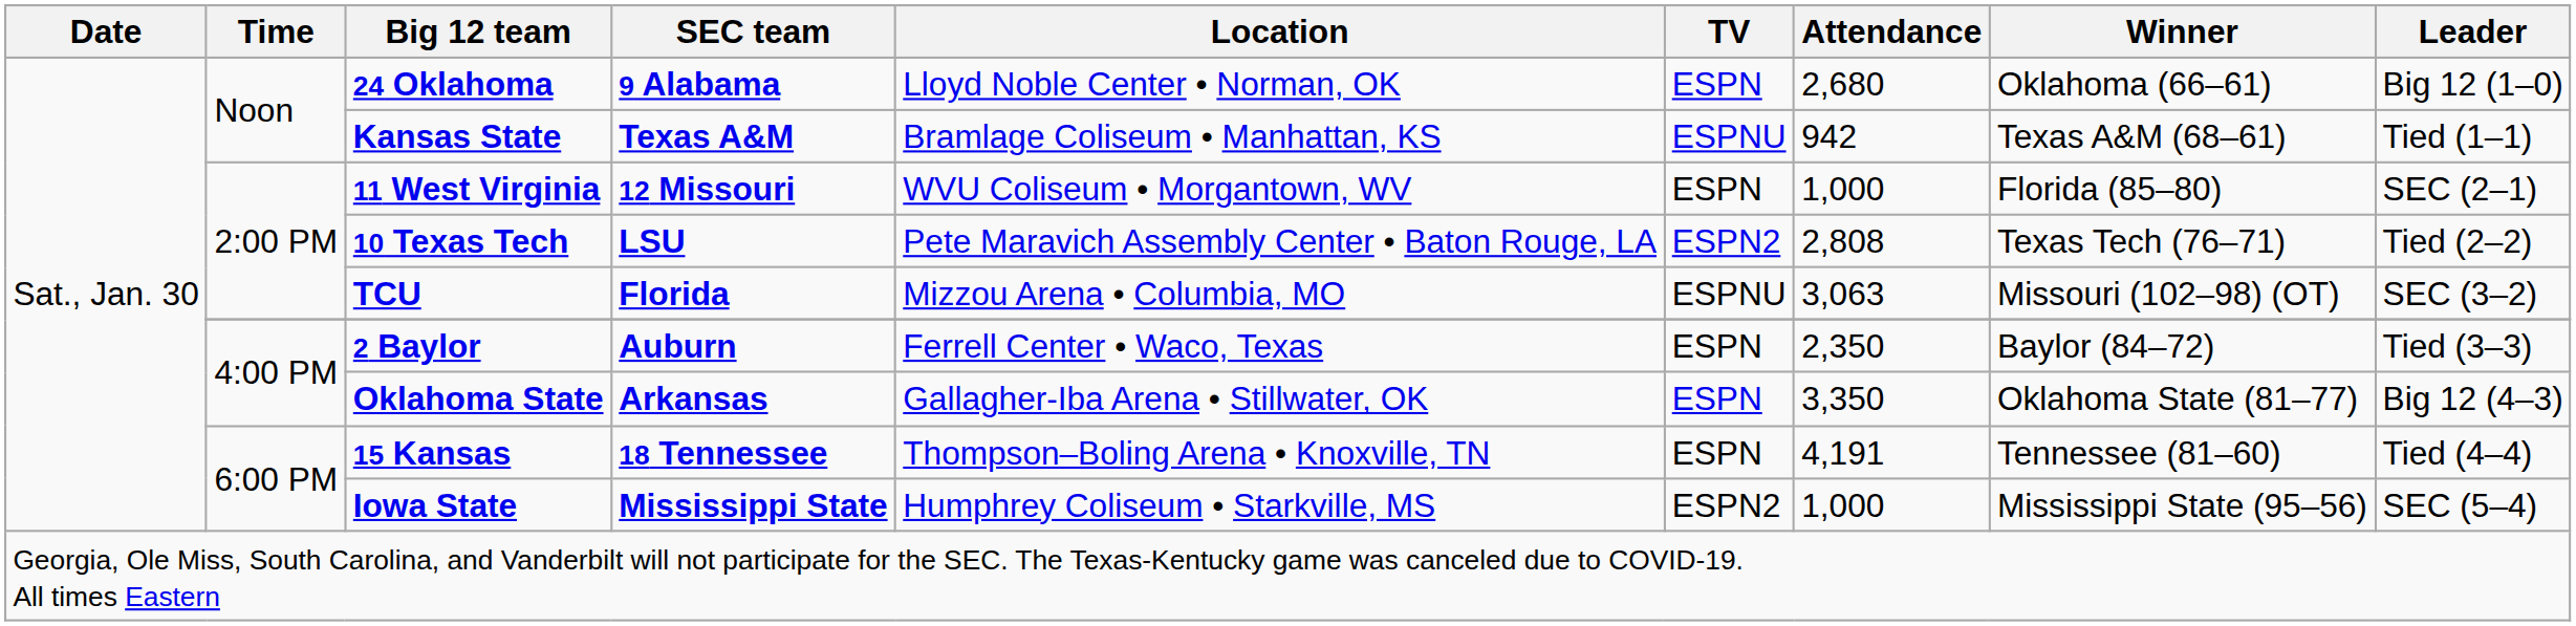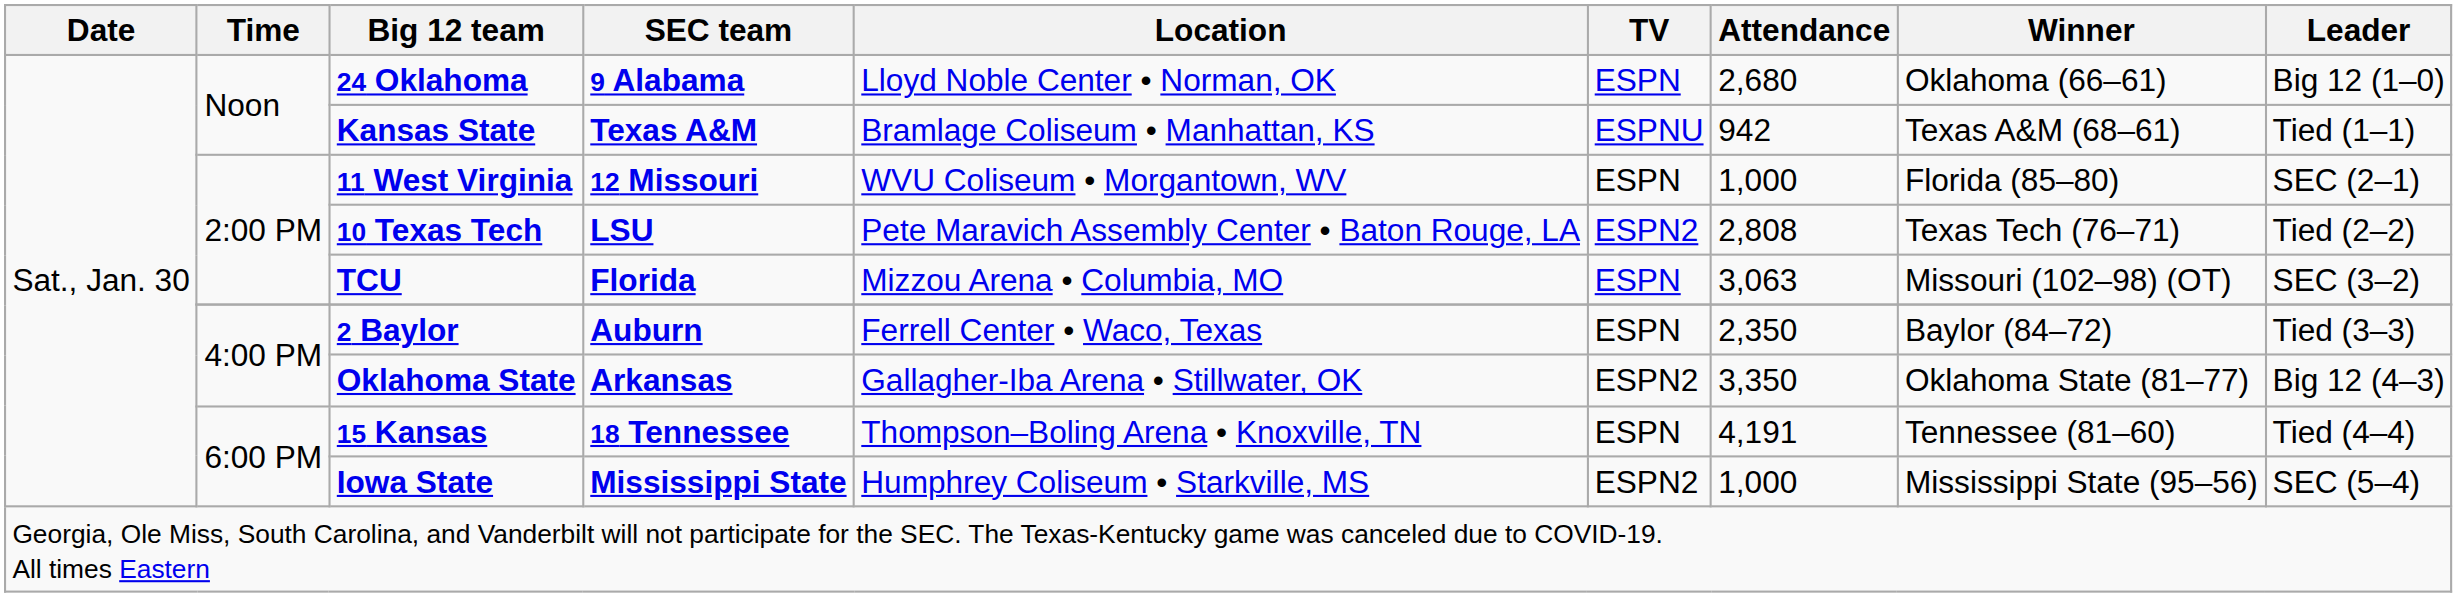 <table class="wikitable" style="font-size: 95%">
 <tr style="text-align:center;">
 <th>Date</th>
 <th>Time</th>
 <th>Big 12 team</th>
 <th>SEC team</th>
 <th>Location</th>
 <th>TV</th>
 <th>Attendance</th>
 <th>Winner</th>
 <th>Leader</th>
 </tr>
 <tr>
 <td rowspan=10>Sat., Jan. 30</td>
 <td rowspan=2>Noon</td>
 <td><strong><a href='#'><span><small>24</small> Oklahoma</span></a></strong></td>
 <td><strong><a href='#'><span><small>9</small> Alabama</span></a></strong></td>
 <td><a href='#'>Lloyd Noble Center</a> • <a href='#'>Norman, OK</a></td>
 <td><a href='#'>ESPN</a></td>
 <td>2,680</td>
 <td>Oklahoma (66–61)</td>
 <td>Big 12 (1–0)</td>
 </tr>
 <tr>
 <td><strong><a href='#'><span>Kansas State</span></a></strong></td>
 <td><strong><a href='#'><span>Texas A&M</span></a></strong></td>
 <td><a href='#'>Bramlage Coliseum</a> • <a href='#'>Manhattan, KS</a></td>
 <td><a href='#'>ESPNU</a></td>
 <td>942</td>
 <td>Texas A&M (68–61)</td>
 <td>Tied (1–1)</td>
 </tr>
 <tr>
 <td rowspan=3>2:00 PM</td>
 <td><strong><a href='#'><span><small>11</small> West Virginia</span></a></strong></td>
 <td><strong><a href='#'><span><small>12</small> Missouri</span></a></strong></td>
 <td><a href='#'>WVU Coliseum</a> • <a href='#'>Morgantown, WV</a></td>
 <td>ESPN</td>
 <td>1,000</td>
 <td>Florida (85–80)</td>
 <td>SEC (2–1)</td>
 </tr>
 <tr>
 <td><strong><a href='#'><span><small>10</small> Texas Tech</span></a></strong></td>
 <td><strong><a href='#'><span>LSU</span></a></strong></td>
 <td><a href='#'>Pete Maravich Assembly Center</a> • <a href='#'>Baton Rouge, LA</a></td>
 <td><a href='#'>ESPN2</a></td>
 <td>2,808</td>
 <td>Texas Tech (76–71)</td>
 <td>Tied (2–2)</td>
 </tr>
 <tr>
 <td><strong><a href='#'><span>TCU</span></a></strong></td>
 <td><strong><a href='#'><span>Florida</span></a></strong></td>
 <td><a href='#'>Mizzou Arena</a> • <a href='#'>Columbia, MO</a></td>
-<td>ESPNU</td>
+<td><a href='#'>ESPN</a></td>
 <td>3,063</td>
 <td>Missouri (102–98) (OT)</td>
 <td>SEC (3–2)</td>
 </tr>
 <tr>
 </tr>
 <tr>
 <td rowspan=2>4:00 PM</td>
 <td><strong><a href='#'><span><small>2</small> Baylor</span></a></strong></td>
 <td><strong><a href='#'><span>Auburn</span></a></strong></td>
 <td><a href='#'>Ferrell Center</a> • <a href='#'>Waco, Texas</a></td>
 <td>ESPN</td>
 <td>2,350</td>
 <td>Baylor (84–72)</td>
 <td>Tied (3–3)</td>
 </tr>
 <tr>
 <td><strong><a href='#'><span>Oklahoma State</span></a></strong></td>
 <td><strong><a href='#'><span>Arkansas</span></a></strong></td>
 <td><a href='#'>Gallagher-Iba Arena</a> • <a href='#'>Stillwater, OK</a></td>
-<td><a href='#'>ESPN</a></td>
+<td>ESPN2</td>
 <td>3,350</td>
 <td>Oklahoma State (81–77)</td>
 <td>Big 12 (4–3)</td>
 </tr>
 <tr>
 <td rowspan=2>6:00 PM</td>
 <td><strong><a href='#'><span><small>15</small> Kansas</span></a></strong></td>
 <td><strong><a href='#'><span><small>18</small> Tennessee</span></a></strong></td>
 <td><a href='#'>Thompson–Boling Arena</a> • <a href='#'>Knoxville, TN</a></td>
 <td>ESPN</td>
 <td>4,191</td>
 <td>Tennessee (81–60)</td>
 <td>Tied (4–4)</td>
 </tr>
 <tr>
 <td><strong><a href='#'><span>Iowa State</span></a></strong></td>
 <td><strong><a href='#'><span>Mississippi State</span></a></strong></td>
 <td><a href='#'>Humphrey Coliseum</a> • <a href='#'>Starkville, MS</a></td>
 <td>ESPN2</td>
 <td>1,000</td>
 <td>Mississippi State (95–56)</td>
 <td>SEC (5–4)</td>
 </tr>
 <tr>
 <td colspan="9"><small>Georgia, Ole Miss, South Carolina, and Vanderbilt will not participate for the SEC. The Texas-Kentucky game was canceled due to COVID-19.</small><small><br>All times <a href='#'>Eastern</a></small></td>
 </tr>
 </table>
